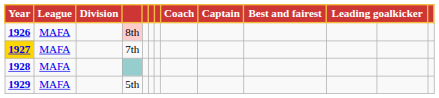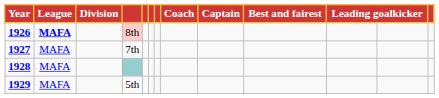 <table class="wikitable"; style="width:100%;">
 <tr>
 <th style="background:#CD3634; color:#FFFFFF; border:solid #F3BB40 2px">Year</th>
 <th style="background:#CD3634; color:#FFFFFF; border:solid #F3BB40 2px">League</th>
 <th style="background:#CD3634; color:#FFFFFF; border:solid #F3BB40 2px">Division</th>
 <th style="background:#CD3634; color:#FFFFFF; border:solid #F3BB40 2px"></th>
 <th style="background:#CD3634; color:#FFFFFF; border:solid #F3BB40 2px"></th>
 <th style="background:#CD3634; color:#FFFFFF; border:solid #F3BB40 2px"></th>
 <th style="background:#CD3634; color:#FFFFFF; border:solid #F3BB40 2px"></th>
 <th style="background:#CD3634; color:#FFFFFF; border:solid #F3BB40 2px">Coach</th>
 <th style="background:#CD3634; color:#FFFFFF; border:solid #F3BB40 2px">Captain</th>
 <th style="background:#CD3634; color:#FFFFFF; border:solid #F3BB40 2px">Best and fairest</th>
 <th colspan=2; style="background:#CD3634; color:#FFFFFF; border:solid #F3BB40 2px">Leading goalkicker</th>
 <th style="background:#CD3634; color:#FFFFFF; border:solid #F3BB40 2px"></th>
 </tr>
 <tr>
 <td align=center><strong><a href='#'>1926</a></strong></td>
-<td align=center><a href='#'>MAFA</a></td>
+<td align=center><strong><a href='#'>MAFA</a></strong></td>
 <td align=center></td>
 <td style=background:#FFCCCC; align=center>8th</td>
 <td align=center></td>
 <td align=center></td>
 <td align=center></td>
 <td></td>
 <td></td>
 <td></td>
 <td></td>
 <td align=center></td>
 <td align=center></td>
 </tr>
 <tr>
-<td align=center style="background: gold;"><strong><a href='#'>1927</a></strong></td>
+<td align=center><strong><a href='#'>1927</a></strong></td>
 <td align=center><a href='#'>MAFA</a></td>
 <td align=center></td>
 <td align=center>7th</td>
 <td align=center></td>
 <td align=center></td>
 <td align=center></td>
 <td></td>
 <td></td>
 <td></td>
 <td></td>
 <td align=center></td>
 <td align=center></td>
 </tr>
 <tr>
 <td align=center><strong><a href='#'>1928</a></strong></td>
 <td align=center><a href='#'>MAFA</a></td>
 <td align=center></td>
 <td style=background:#96CDCD; align="center"></td>
 <td align=center></td>
 <td align=center></td>
 <td align=center></td>
 <td></td>
 <td></td>
 <td></td>
 <td></td>
 <td align=center></td>
 <td align=center></td>
 </tr>
 <tr>
 <td align=center><strong><a href='#'>1929</a></strong></td>
 <td align=center><a href='#'>MAFA</a></td>
 <td align=center></td>
 <td align=center>5th</td>
 <td align=center></td>
 <td align=center></td>
 <td align=center></td>
 <td></td>
 <td></td>
 <td></td>
 <td></td>
 <td align=center></td>
 <td align=center></td>
 </tr>
 </table>
